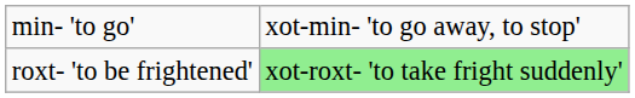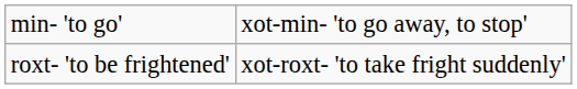 <table class="wikitable">
 <tr>
 <td>min- 'to go'</td>
 <td>xot-min- 'to go away, to stop'</td>
 </tr>
 <tr>
 <td>roxt- 'to be frightened'</td>
-<td style="background: lightgreen;">xot-roxt- 'to take fright suddenly'</td>
+<td>xot-roxt- 'to take fright suddenly'</td>
 </tr>
 </table>
